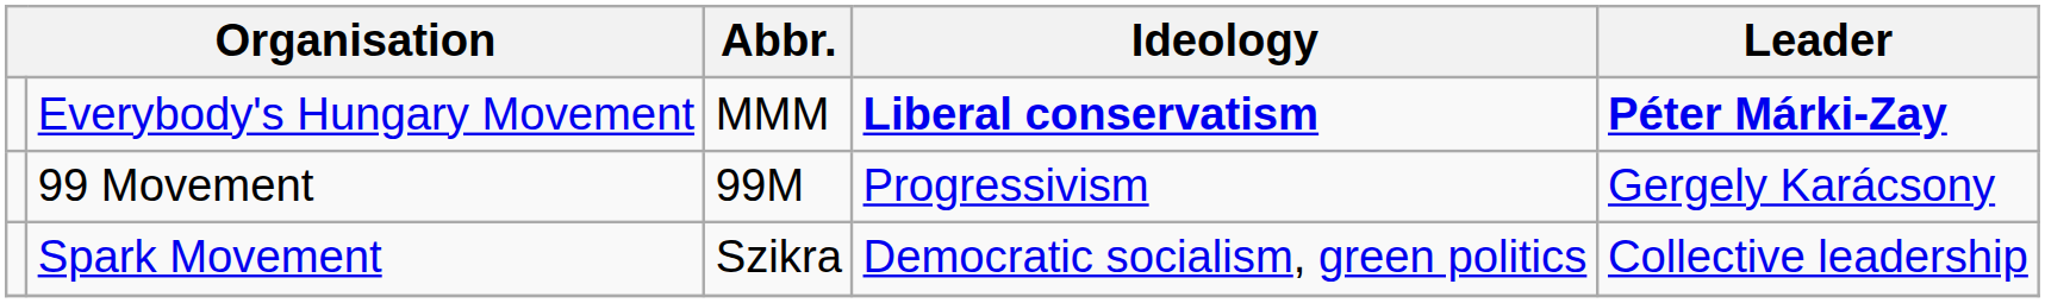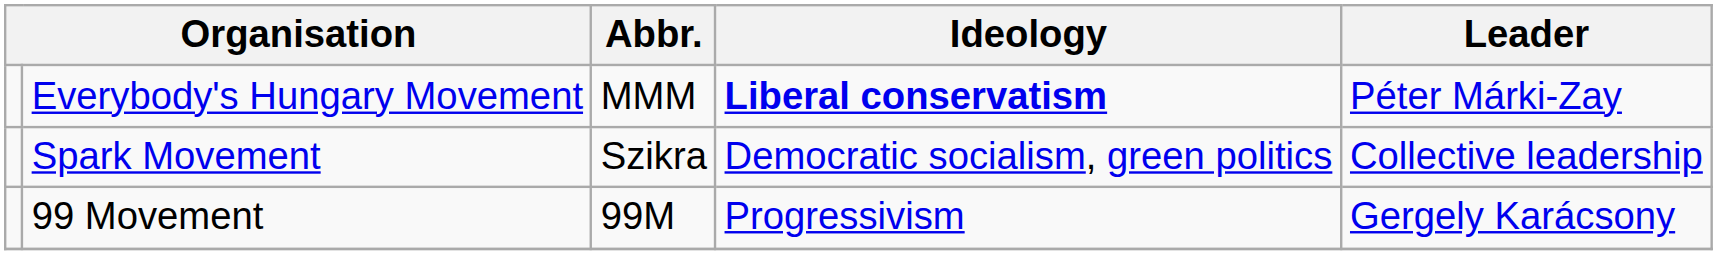 <table class=wikitable style=text-align:left>
 <tr>
 <th colspan=2>Organisation</th>
 <th>Abbr.</th>
 <th>Ideology</th>
 <th>Leader</th>
 </tr>
 <tr>
 <td></td>
 <td><a href='#'>Everybody's Hungary Movement</a></td>
 <td>MMM</td>
 <td><strong><a href='#'>Liberal conservatism</a></strong></td>
-<td><strong><a href='#'>Péter Márki-Zay</a></strong></td>
+<td><a href='#'>Péter Márki-Zay</a></td>
+</tr>
+<tr>
+<td></td>
+<td><a href='#'>Spark Movement</a></td>
+<td>Szikra</td>
+<td><a href='#'>Democratic socialism</a>, <a href='#'>green politics</a></td>
+<td><a href='#'>Collective leadership</a></td>
 </tr>
 <tr>
 <td></td>
 <td>99 Movement</td>
 <td>99M</td>
 <td><a href='#'>Progressivism</a></td>
 <td><a href='#'>Gergely Karácsony</a></td>
 </tr>
 <tr>
-<td></td>
-<td><a href='#'>Spark Movement</a></td>
-<td>Szikra</td>
-<td><a href='#'>Democratic socialism</a>, <a href='#'>green politics</a></td>
-<td><a href='#'>Collective leadership</a></td>
-</tr>
-<tr>
 </tr>
 </table>
